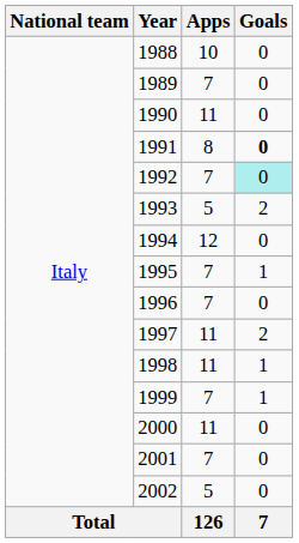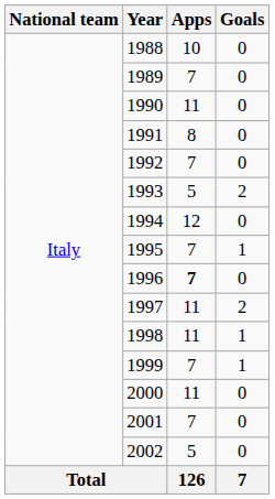 <table class="wikitable" style="text-align: center;">
 <tr>
 <th>National team</th>
 <th>Year</th>
 <th>Apps</th>
 <th>Goals</th>
 </tr>
 <tr>
 <td rowspan="15"><a href='#'>Italy</a></td>
 <td>1988</td>
 <td>10</td>
 <td>0</td>
 </tr>
 <tr>
 <td>1989</td>
 <td>7</td>
 <td>0</td>
 </tr>
 <tr>
 <td>1990</td>
 <td>11</td>
 <td>0</td>
 </tr>
 <tr>
 <td>1991</td>
 <td>8</td>
-<td><strong>0</strong></td>
+<td>0</td>
 </tr>
 <tr>
 <td>1992</td>
 <td>7</td>
-<td style="background: paleturquoise;">0</td>
+<td>0</td>
 </tr>
 <tr>
 <td>1993</td>
 <td>5</td>
 <td>2</td>
 </tr>
 <tr>
 <td>1994</td>
 <td>12</td>
 <td>0</td>
 </tr>
 <tr>
 <td>1995</td>
 <td>7</td>
 <td>1</td>
 </tr>
 <tr>
 <td>1996</td>
-<td>7</td>
+<td><strong>7</strong></td>
 <td>0</td>
 </tr>
 <tr>
 <td>1997</td>
 <td>11</td>
 <td>2</td>
 </tr>
 <tr>
 <td>1998</td>
 <td>11</td>
 <td>1</td>
 </tr>
 <tr>
 <td>1999</td>
 <td>7</td>
 <td>1</td>
 </tr>
 <tr>
 <td>2000</td>
 <td>11</td>
 <td>0</td>
 </tr>
 <tr>
 <td>2001</td>
 <td>7</td>
 <td>0</td>
 </tr>
 <tr>
 <td>2002</td>
 <td>5</td>
 <td>0</td>
 </tr>
 <tr>
 <th colspan="2">Total</th>
 <th>126</th>
 <th>7</th>
 </tr>
 </table>
